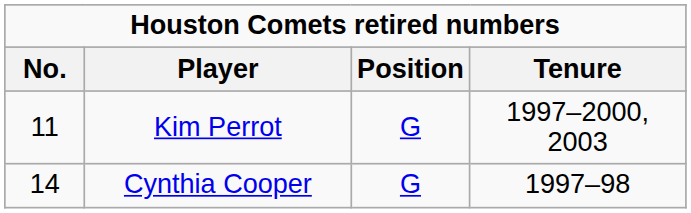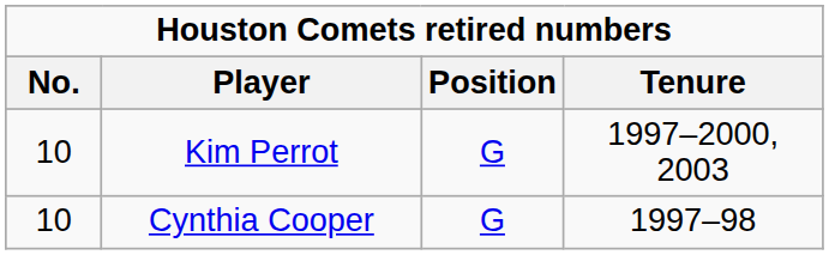 <table class="wikitable" style="text-align:center">
 <tr>
 <td colspan="4"><strong>Houston Comets retired numbers</strong></td>
 </tr>
 <tr>
 <th style="width:40px; ">No.</th>
 <th style="width:150px; ">Player</th>
 <th style="width:40px; ">Position</th>
 <th style="width:120px; ">Tenure</th>
 </tr>
 <tr>
-<td>11</td>
+<td>10</td>
 <td><a href='#'>Kim Perrot</a></td>
 <td><a href='#'>G</a></td>
 <td>1997–2000, 2003</td>
 </tr>
 <tr>
-<td>14</td>
+<td>10</td>
 <td><a href='#'>Cynthia Cooper</a></td>
 <td><a href='#'>G</a></td>
 <td>1997–98</td>
 </tr>
 </table>
